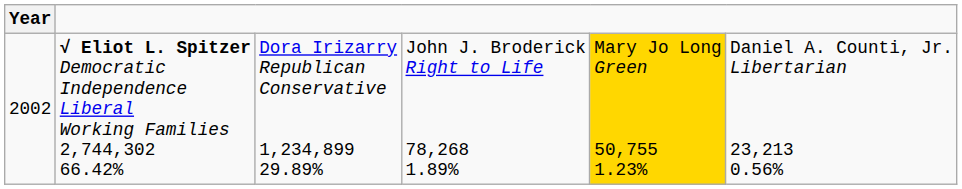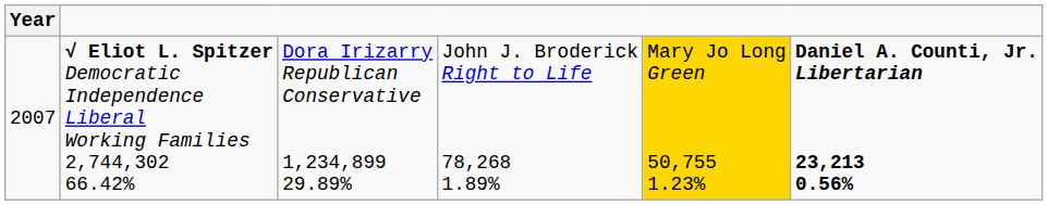 <table class=wikitable>
 <tr>
 <th>Year</th>
 </tr>
 <tr>
-<td>2002</td>
+<td>2007</td>
 <td><strong>√ Eliot L. Spitzer</strong><br><em>Democratic<br>Independence<br><a href='#'>Liberal</a><br>Working Families</em><br>2,744,302<br>66.42%</td>
 <td><a href='#'>Dora Irizarry</a><br><em>Republican<br>Conservative</em><br><br><br>1,234,899<br>29.89%</td>
 <td>John J. Broderick<br><em><a href='#'>Right to Life</a></em><br> <br> <br> <br>78,268<br>1.89%</td>
 <td style="background: gold;">Mary Jo Long<br><em>Green</em><br> <br> <br> <br>50,755<br>1.23%</td>
-<td>Daniel A. Counti, Jr.<br><em>Libertarian</em><br> <br> <br> <br>23,213<br>0.56%</td>
+<td><strong>Daniel A. Counti, Jr.<br><em>Libertarian</em><br> <br> <br> <br>23,213<br>0.56%</strong></td>
 </tr>
 </table>
